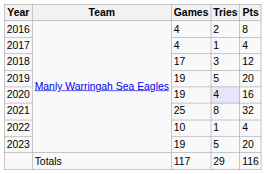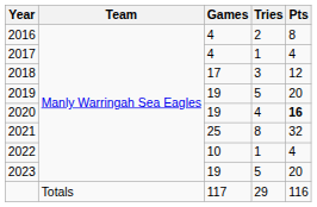 <table class="wikitable">
 <tr>
 <th>Year</th>
 <th>Team</th>
 <th>Games</th>
 <th>Tries</th>
 <th>Pts</th>
 </tr>
 <tr>
 <td>2016</td>
 <td rowspan="8"> <a href='#'>Manly Warringah Sea Eagles</a></td>
 <td>4</td>
 <td>2</td>
 <td>8</td>
 </tr>
 <tr>
 <td>2017</td>
 <td>4</td>
 <td>1</td>
 <td>4</td>
 </tr>
 <tr>
 <td>2018</td>
 <td>17</td>
 <td>3</td>
 <td>12</td>
 </tr>
 <tr>
 <td>2019</td>
 <td>19</td>
 <td>5</td>
 <td>20</td>
 </tr>
 <tr>
 <td>2020</td>
 <td>19</td>
-<td style="background: lavender;">4</td>
-<td>16</td>
+<td>4</td>
+<td><strong>16</strong></td>
 </tr>
 <tr>
 <td>2021</td>
 <td>25</td>
 <td>8</td>
 <td>32</td>
 </tr>
 <tr>
 <td>2022</td>
 <td>10</td>
 <td>1</td>
 <td>4</td>
 </tr>
 <tr>
 <td>2023</td>
 <td>19</td>
 <td>5</td>
 <td>20</td>
 </tr>
 <tr>
 <td></td>
 <td>Totals</td>
 <td>117</td>
 <td>29</td>
 <td>116</td>
 </tr>
 </table>
